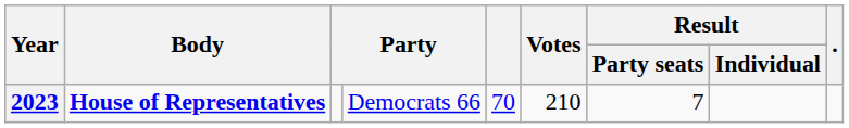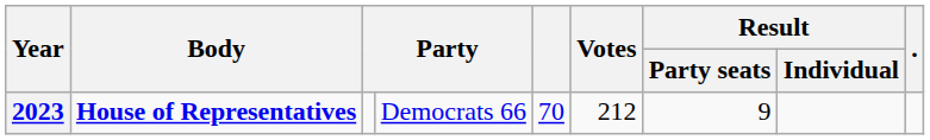 <table class="wikitable plainrowheaders sortable" border=2 cellpadding=4 cellspacing=0 style="border: 1px #aaa solid; font-size: 90%; text-align:center;">
 <tr>
 <th scope="col" rowspan=2>Year</th>
 <th scope="col" rowspan=2>Body</th>
 <th scope="col" colspan=2 rowspan=2>Party</th>
 <th scope="col" rowspan=2></th>
 <th scope="col" rowspan=2>Votes</th>
 <th scope="colgroup" colspan=2>Result</th>
 <th scope="col" rowspan=2 class="unsortable">.</th>
 </tr>
 <tr>
 <th scope="col">Party seats</th>
 <th scope="col">Individual</th>
 </tr>
 <tr>
 <th scope="row"><a href='#'>2023</a></th>
 <td><strong><a href='#'>House of Representatives</a></strong></td>
 <td style="background-color:"></td>
 <td><a href='#'>Democrats 66</a></td>
 <td style=text-align:right><a href='#'>70</a></td>
-<td style=text-align:right>210</td>
-<td style=text-align:right>7</td>
+<td style=text-align:right>212</td>
+<td style=text-align:right>9</td>
 <td></td>
 <td></td>
 </tr>
 </table>
